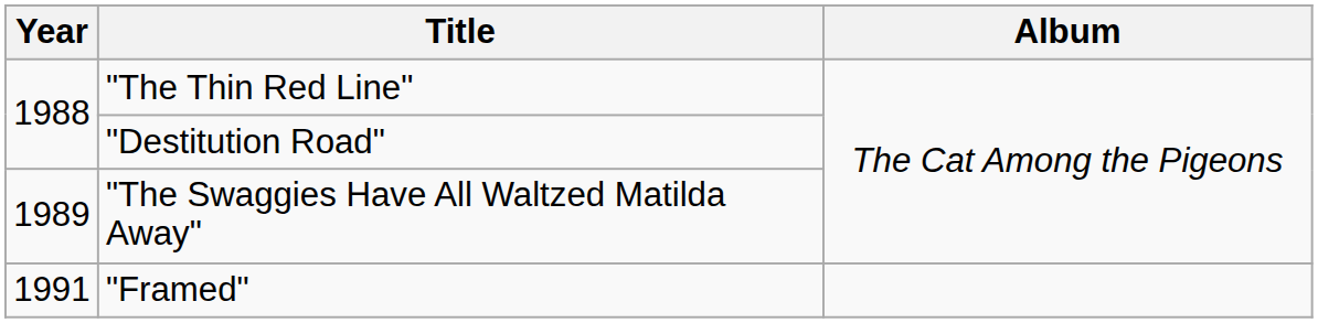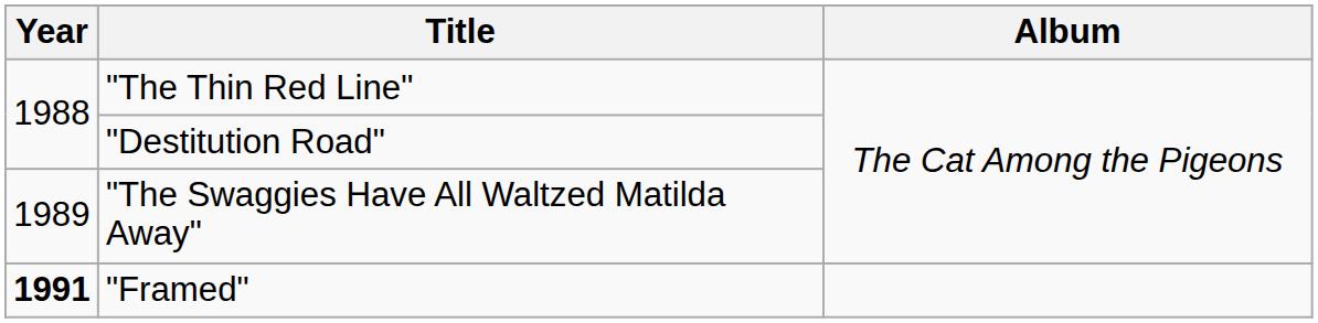 <table class="wikitable" style="text-align:center;">
 <tr>
 <th scope="col">Year</th>
 <th scope="col">Title</th>
 <th scope="col" width="220">Album</th>
 </tr>
 <tr>
 <td rowspan="2">1988</td>
 <td align="left">"The Thin Red Line"</td>
 <td rowspan="3"><em>The Cat Among the Pigeons</em></td>
 </tr>
 <tr>
 <td align="left">"Destitution Road"</td>
 </tr>
 <tr>
 <td>1989</td>
 <td align="left">"The Swaggies Have All Waltzed Matilda Away"</td>
 </tr>
 <tr>
-<td>1991</td>
+<td><strong>1991</strong></td>
 <td align="left">"Framed"</td>
 <td></td>
 </tr>
 </table>
